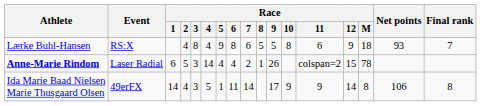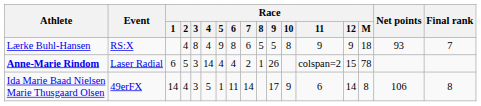 <table class="wikitable" style="font-size:90%">
 <tr>
 <th rowspan="2">Athlete</th>
 <th rowspan="2">Event</th>
 <th colspan=13>Race</th>
 <th rowspan=2>Net points</th>
 <th rowspan=2>Final rank</th>
 </tr>
 <tr style="font-size:95%">
 <th>1</th>
 <th>2</th>
 <th>3</th>
 <th>4</th>
 <th>5</th>
 <th>6</th>
 <th>7</th>
 <th>8</th>
 <th>9</th>
 <th>10</th>
 <th>11</th>
 <th>12</th>
 <th>M</th>
 </tr>
 <tr align=center>
 <td align=left><a href='#'>Lærke Buhl-Hansen</a></td>
 <td align=left><a href='#'>RS:X</a></td>
 <td></td>
 <td>4</td>
 <td>8</td>
 <td>4</td>
 <td>9</td>
 <td>8</td>
 <td>6</td>
 <td>5</td>
 <td>5</td>
 <td>8</td>
-<td>6</td>
+<td>9</td>
 <td>9</td>
 <td>18</td>
 <td>93</td>
 <td>7</td>
 </tr>
 <tr align=center>
 <td align=left><strong><a href='#'>Anne-Marie Rindom</a></strong></td>
 <td align=left><a href='#'>Laser Radial</a></td>
 <td>6</td>
 <td>5</td>
 <td>3</td>
 <td>14</td>
 <td>4</td>
 <td>4</td>
 <td>2</td>
 <td>1</td>
 <td>26</td>
 <td></td>
 <td>colspan=2 </td>
 <td>15</td>
 <td>78</td>
 <td></td>
 </tr>
 <tr align=center>
 <td align=left><a href='#'>Ida Marie Baad Nielsen</a><br><a href='#'>Marie Thusgaard Olsen</a></td>
 <td align=left><a href='#'>49erFX</a></td>
 <td>14</td>
 <td>4</td>
 <td>3</td>
 <td>5</td>
 <td>1</td>
 <td>11</td>
 <td>14</td>
 <td></td>
 <td>17</td>
 <td>9</td>
-<td>9</td>
+<td>6</td>
 <td>14</td>
 <td>8</td>
 <td>106</td>
 <td>8</td>
 </tr>
 </table>
